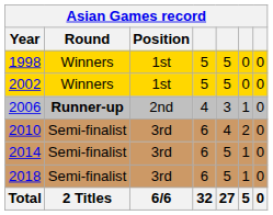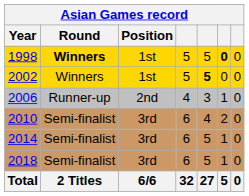 <table class="wikitable" style="text-align: center">
 <tr>
 <th colspan=7><a href='#'>Asian Games record</a></th>
 </tr>
 <tr>
 <th>Year</th>
 <th>Round</th>
 <th>Position</th>
 <th></th>
 <th></th>
 <th></th>
 <th></th>
 </tr>
 <tr bgcolor="gold">
 <td> <a href='#'>1998</a></td>
-<td>Winners</td>
+<td><strong>Winners</strong></td>
 <td>1st</td>
 <td>5</td>
 <td>5</td>
-<td>0</td>
+<td><strong>0</strong></td>
 <td>0</td>
 </tr>
 <tr bgcolor="gold">
 <td> <a href='#'>2002</a></td>
 <td>Winners</td>
 <td>1st</td>
 <td>5</td>
-<td>5</td>
+<td><strong>5</strong></td>
 <td>0</td>
 <td>0</td>
 </tr>
 <tr bgcolor=silver>
 <td> <a href='#'>2006</a></td>
-<td><strong>Runner-up</strong></td>
+<td>Runner-up</td>
 <td>2nd</td>
 <td>4</td>
 <td>3</td>
 <td>1</td>
 <td>0</td>
 </tr>
 <tr bgcolor=cc9966>
 <td> <a href='#'>2010</a></td>
 <td>Semi-finalist</td>
 <td>3rd</td>
 <td>6</td>
 <td>4</td>
 <td>2</td>
 <td>0</td>
 </tr>
 <tr bgcolor=cc9966>
 <td> <a href='#'>2014</a></td>
 <td>Semi-finalist</td>
 <td>3rd</td>
 <td>6</td>
 <td>5</td>
 <td>1</td>
 <td>0</td>
 </tr>
 <tr bgcolor=cc9966>
 <td> <a href='#'>2018</a></td>
 <td>Semi-finalist</td>
 <td>3rd</td>
 <td>6</td>
 <td>5</td>
 <td>1</td>
 <td>0</td>
 </tr>
 <tr>
 <th>Total</th>
 <th>2 Titles</th>
 <th>6/6</th>
 <th>32</th>
 <th>27</th>
 <th>5</th>
 <th>0</th>
 </tr>
 </table>
